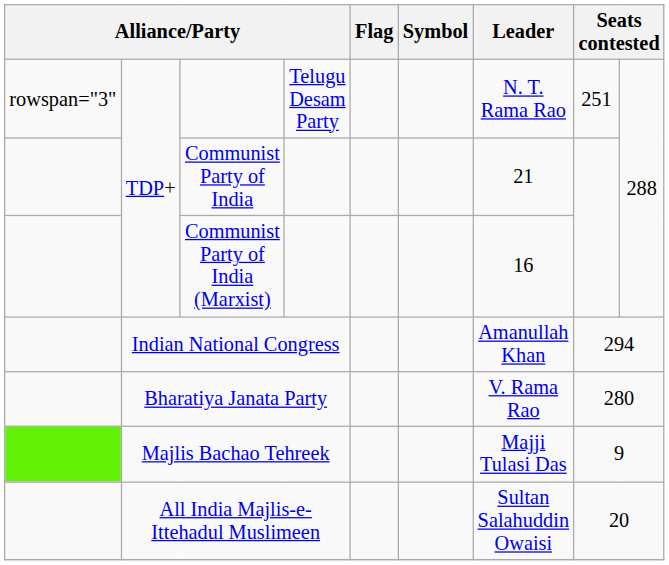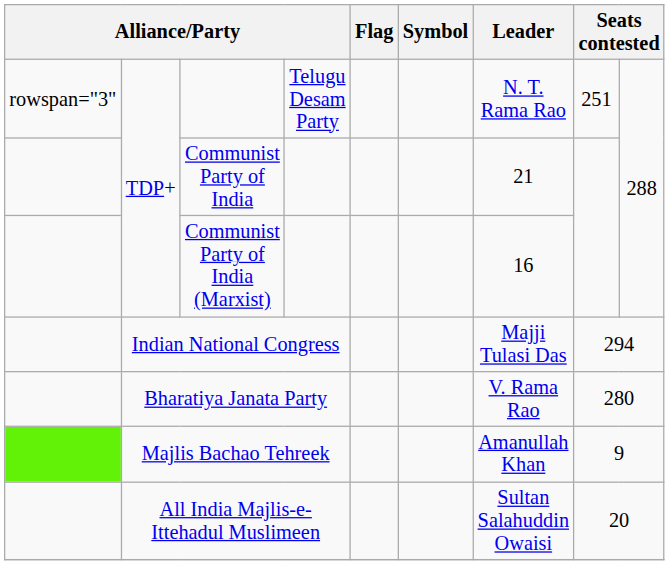 <table class="wikitable sortable" width="50%" style="text-align:center;">
 <tr>
 <th colspan="4">Alliance/Party</th>
 <th>Flag</th>
 <th>Symbol</th>
 <th>Leader</th>
 <th colspan="2">Seats contested</th>
 </tr>
 <tr>
 <td>rowspan="3" </td>
 <td rowspan="3"><a href='#'>TDP</a>+</td>
 <td style="text-align:center; background:"></td>
 <td><a href='#'>Telugu Desam Party</a></td>
 <td></td>
 <td></td>
 <td><a href='#'>N. T. Rama Rao</a></td>
 <td>251</td>
 <td rowspan="3">288<br></td>
 </tr>
 <tr>
 <td style="text-align:center; background:"></td>
 <td><a href='#'>Communist Party of India</a></td>
 <td></td>
 <td></td>
 <td></td>
 <td>21</td>
 </tr>
 <tr>
 <td style="text-align:center; background:"></td>
 <td><a href='#'>Communist Party of India (Marxist)</a></td>
 <td></td>
 <td></td>
 <td></td>
 <td>16</td>
 </tr>
 <tr>
 <td style="text-align:center; background:"></td>
 <td colspan="3"><a href='#'>Indian National Congress</a></td>
 <td></td>
 <td></td>
-<td><a href='#'>Amanullah Khan</a></td>
+<td><a href='#'>Majji Tulasi Das</a></td>
 <td colspan=2>294</td>
 </tr>
 <tr>
 <td style="text-align:center; background:"></td>
 <td colspan=3><a href='#'>Bharatiya Janata Party</a></td>
 <td></td>
 <td></td>
 <td><a href='#'>V. Rama Rao</a></td>
 <td colspan=2>280</td>
 </tr>
 <tr>
 <td bgcolor=#61F207></td>
 <td colspan="3"><a href='#'>Majlis Bachao Tehreek</a></td>
 <td></td>
 <td></td>
-<td><a href='#'>Majji Tulasi Das</a></td>
+<td><a href='#'>Amanullah Khan</a></td>
 <td colspan="2">9</td>
 </tr>
 <tr>
 <td style="text-align:center; background:"></td>
 <td colspan="3"><a href='#'>All India Majlis-e-Ittehadul Muslimeen</a></td>
 <td></td>
 <td></td>
 <td><a href='#'>Sultan Salahuddin Owaisi</a></td>
 <td colspan="2">20</td>
 </tr>
 <tr>
 </tr>
 </table>
